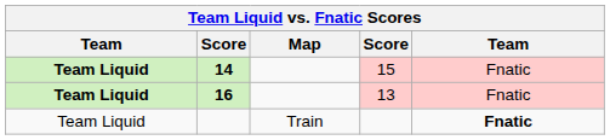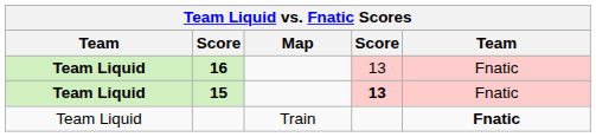 <table class="wikitable" style="text-align: center;">
 <tr>
 <th colspan=5><a href='#'>Team Liquid</a> vs.  <a href='#'>Fnatic</a> Scores</th>
 </tr>
 <tr>
 <th width="181px">Team</th>
 <th width="20px">Score</th>
 <th width="100px">Map</th>
 <th width="20px">Score</th>
 <th width="181px">Team</th>
 </tr>
 <tr>
 <td style="background: #D0F0C0;"><strong>Team Liquid</strong></td>
-<td style="background: #D0F0C0;"><strong>14</strong></td>
+<td style="background: #D0F0C0;"><strong>16</strong></td>
 <td></td>
-<td style="background: #FFCCCC;">15</td>
+<td style="background: #FFCCCC;">13</td>
 <td style="background: #FFCCCC;">Fnatic</td>
 </tr>
 <tr>
 <td style="background: #D0F0C0;"><strong>Team Liquid</strong></td>
-<td style="background: #D0F0C0;"><strong>16</strong></td>
+<td style="background: #D0F0C0;"><strong>15</strong></td>
 <td></td>
-<td style="background: #FFCCCC;">13</td>
+<td style="background: #FFCCCC;"><strong>13</strong></td>
 <td style="background: #FFCCCC;">Fnatic</td>
 </tr>
 <tr>
 <td>Team Liquid</td>
 <td></td>
 <td>Train</td>
 <td></td>
 <td><strong>Fnatic</strong></td>
 </tr>
 </table>
